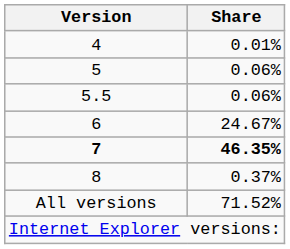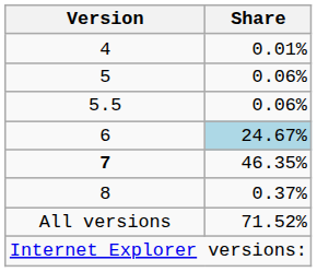 <table class="wikitable floatright" style="font-size: 85%; text-align: center">
 <tr>
 <th>Version</th>
 <th>Share</th>
 </tr>
 <tr>
 <td>4</td>
 <td style="text-align: right">0.01%</td>
 </tr>
 <tr>
 <td>5</td>
 <td style="text-align: right">0.06%</td>
 </tr>
 <tr>
 <td>5.5</td>
 <td style="text-align: right">0.06%</td>
 </tr>
 <tr>
 <td>6</td>
-<td style="text-align: right">24.67%</td>
+<td style="background: lightblue; text-align: right">24.67%</td>
 </tr>
 <tr>
 <td><strong>7</strong></td>
-<td style="text-align: right"><strong>46.35%</strong></td>
+<td style="text-align: right">46.35%</td>
 </tr>
 <tr>
 <td>8</td>
 <td style="text-align: right">0.37%</td>
 </tr>
 <tr>
 <td>All versions</td>
 <td style="text-align:right;">71.52%</td>
 </tr>
 <tr>
 <td colspan="2"><a href='#'>Internet Explorer</a> versions: </td>
 </tr>
 </table>
